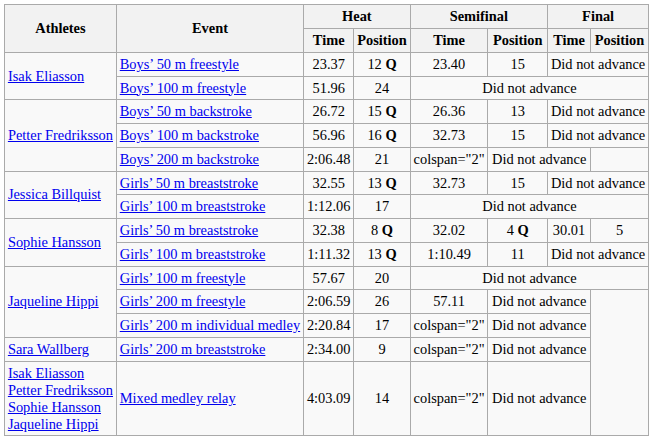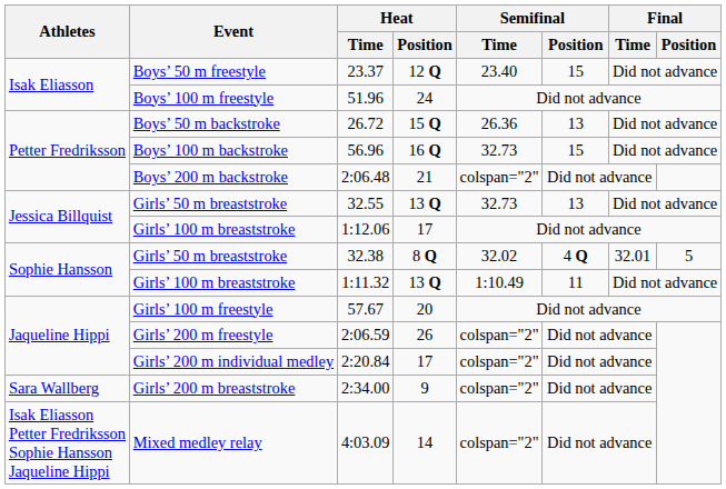 <table class="wikitable" border="1" style="font-size:90%">
 <tr>
 <th rowspan=2>Athletes</th>
 <th rowspan=2>Event</th>
 <th colspan=2>Heat</th>
 <th colspan=2>Semifinal</th>
 <th colspan=2>Final</th>
 </tr>
 <tr>
 <th>Time</th>
 <th>Position</th>
 <th>Time</th>
 <th>Position</th>
 <th>Time</th>
 <th>Position</th>
 </tr>
 <tr>
 <td rowspan=2><a href='#'>Isak Eliasson</a></td>
 <td><a href='#'>Boys’ 50 m freestyle</a></td>
 <td align=center>23.37</td>
 <td align=center>12 <strong>Q</strong></td>
 <td align=center>23.40</td>
 <td align=center>15</td>
 <td align=center colspan=2>Did not advance</td>
 </tr>
 <tr>
 <td><a href='#'>Boys’ 100 m freestyle</a></td>
 <td align=center>51.96</td>
 <td align=center>24</td>
 <td align=center colspan=4>Did not advance</td>
 </tr>
 <tr>
 <td rowspan=3><a href='#'>Petter Fredriksson</a></td>
 <td><a href='#'>Boys’ 50 m backstroke</a></td>
 <td align=center>26.72</td>
 <td align=center>15 <strong>Q</strong></td>
 <td align=center>26.36</td>
 <td align=center>13</td>
 <td align=center colspan=2>Did not advance</td>
 </tr>
 <tr>
 <td><a href='#'>Boys’ 100 m backstroke</a></td>
 <td align=center>56.96</td>
 <td align=center>16 <strong>Q</strong></td>
 <td align=center>32.73</td>
 <td align=center>15</td>
 <td align=center colspan=2>Did not advance</td>
 </tr>
 <tr>
 <td><a href='#'>Boys’ 200 m backstroke</a></td>
 <td align=center>2:06.48</td>
 <td align=center>21</td>
 <td>colspan="2" </td>
 <td align=center colspan=2>Did not advance</td>
 </tr>
 <tr>
 <td rowspan=2><a href='#'>Jessica Billquist</a></td>
 <td><a href='#'>Girls’ 50 m breaststroke</a></td>
 <td align=center>32.55</td>
 <td align=center>13 <strong>Q</strong></td>
 <td align=center>32.73</td>
-<td align=center>15</td>
+<td align=center>13</td>
 <td align=center colspan=2>Did not advance</td>
 </tr>
 <tr>
 <td><a href='#'>Girls’ 100 m breaststroke</a></td>
 <td align=center>1:12.06</td>
 <td align=center>17</td>
 <td align=center colspan=4>Did not advance</td>
 </tr>
 <tr>
 <td rowspan=2><a href='#'>Sophie Hansson</a></td>
 <td><a href='#'>Girls’ 50 m breaststroke</a></td>
 <td align=center>32.38</td>
 <td align=center>8 <strong>Q</strong></td>
 <td align=center>32.02</td>
 <td align=center>4 <strong>Q</strong></td>
-<td align=center>30.01</td>
+<td align=center>32.01</td>
 <td align=center>5</td>
 </tr>
 <tr>
 <td><a href='#'>Girls’ 100 m breaststroke</a></td>
 <td align=center>1:11.32</td>
 <td align=center>13 <strong>Q</strong></td>
 <td align=center>1:10.49</td>
 <td align=center>11</td>
 <td align=center colspan=2>Did not advance</td>
 </tr>
 <tr>
 <td rowspan=3><a href='#'>Jaqueline Hippi</a></td>
 <td><a href='#'>Girls’ 100 m freestyle</a></td>
 <td align=center>57.67</td>
 <td align=center>20</td>
 <td align=center colspan=4>Did not advance</td>
 </tr>
 <tr>
 <td><a href='#'>Girls’ 200 m freestyle</a></td>
 <td align=center>2:06.59</td>
 <td align=center>26</td>
-<td align=center>57.11</td>
+<td>colspan="2" </td>
 <td align=center colspan=2>Did not advance</td>
 </tr>
 <tr>
 <td><a href='#'>Girls’ 200 m individual medley</a></td>
 <td align=center>2:20.84</td>
 <td align=center>17</td>
 <td>colspan="2" </td>
 <td align=center colspan=2>Did not advance</td>
 </tr>
 <tr>
 <td><a href='#'>Sara Wallberg</a></td>
 <td><a href='#'>Girls’ 200 m breaststroke</a></td>
 <td align=center>2:34.00</td>
 <td align=center>9</td>
 <td>colspan="2" </td>
 <td align=center colspan=2>Did not advance</td>
 </tr>
 <tr>
 <td><a href='#'>Isak Eliasson</a><br><a href='#'>Petter Fredriksson</a><br><a href='#'>Sophie Hansson</a><br><a href='#'>Jaqueline Hippi</a></td>
 <td><a href='#'>Mixed  medley relay</a></td>
 <td align=center>4:03.09</td>
 <td align=center>14</td>
 <td>colspan="2" </td>
 <td align=center colspan=2>Did not advance</td>
 </tr>
 </table>
